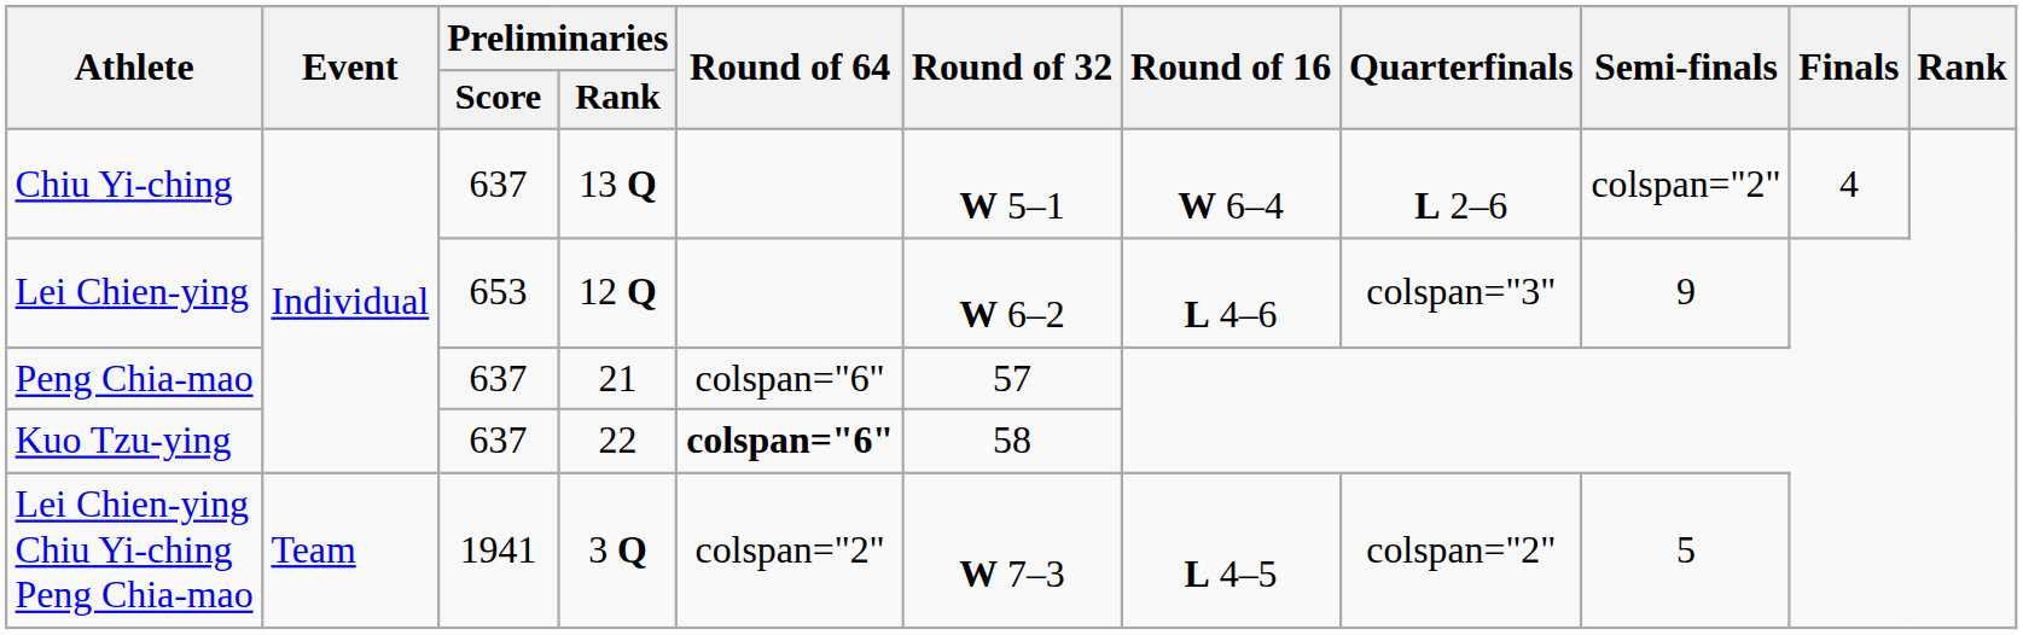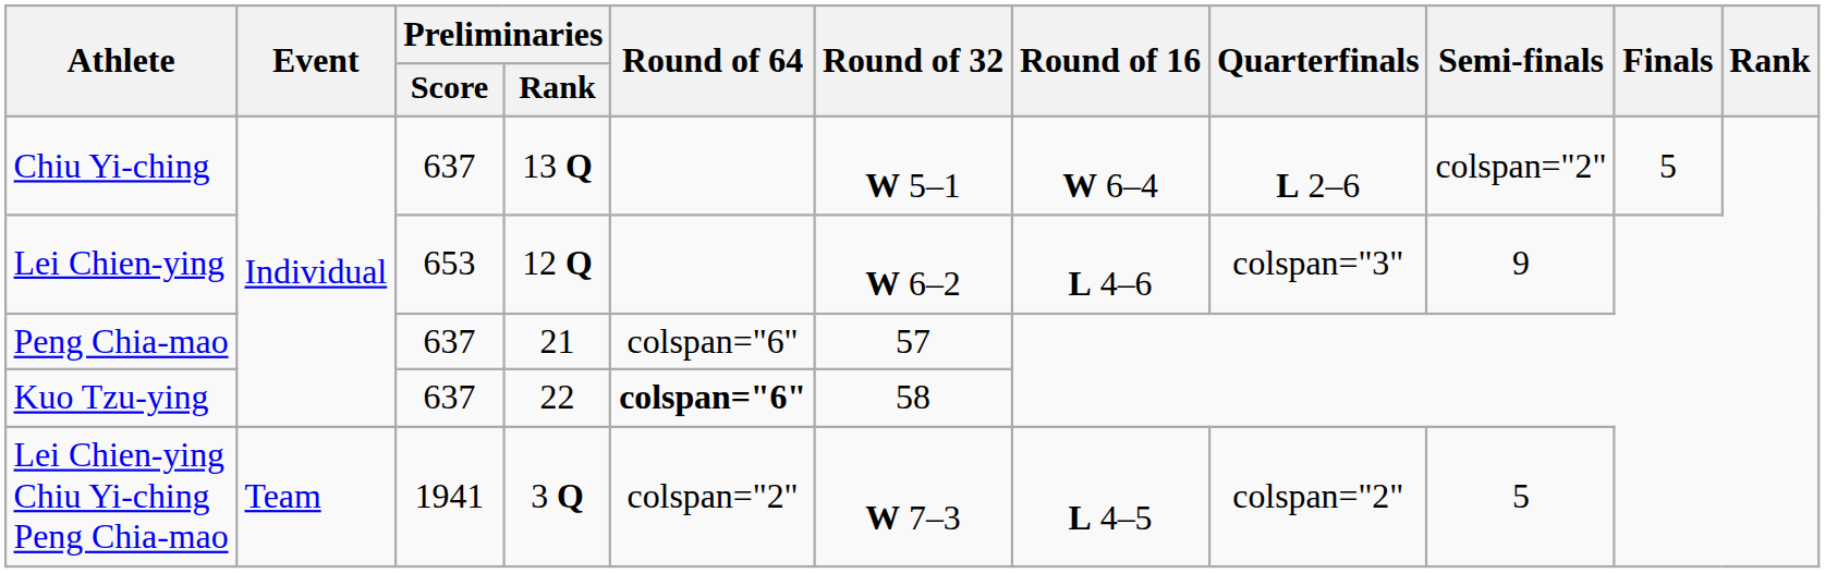 <table class="wikitable" style="font-size:90%; text-align:center">
 <tr>
 <th rowspan="2">Athlete</th>
 <th rowspan="2">Event</th>
 <th colspan="2">Preliminaries</th>
 <th rowspan="2">Round of 64</th>
 <th rowspan="2">Round of 32</th>
 <th rowspan="2">Round of 16</th>
 <th rowspan="2">Quarterfinals</th>
 <th rowspan="2">Semi-finals</th>
 <th rowspan="2">Finals</th>
 <th rowspan="2">Rank</th>
 </tr>
 <tr style="font-size:95%">
 <th>Score</th>
 <th>Rank</th>
 </tr>
 <tr>
 <td align="left"><a href='#'>Chiu Yi-ching</a></td>
 <td align="left" rowspan="4"><a href='#'>Individual</a></td>
 <td>637</td>
 <td>13 <strong>Q</strong></td>
 <td></td>
 <td><br><strong>W</strong> 5–1</td>
 <td><br><strong>W</strong> 6–4</td>
 <td><br><strong>L</strong> 2–6</td>
 <td>colspan="2" </td>
-<td>4</td>
+<td>5</td>
 </tr>
 <tr>
 <td align="left"><a href='#'>Lei Chien-ying</a></td>
 <td>653</td>
 <td>12 <strong>Q</strong></td>
 <td></td>
 <td><br><strong>W</strong> 6–2</td>
 <td><br><strong>L</strong> 4–6</td>
 <td>colspan="3" </td>
 <td>9</td>
 </tr>
 <tr>
 <td align="left"><a href='#'>Peng Chia-mao</a></td>
 <td>637</td>
 <td>21</td>
 <td>colspan="6" </td>
 <td>57</td>
 </tr>
 <tr>
 <td align="left"><a href='#'>Kuo Tzu-ying</a></td>
 <td>637</td>
 <td>22</td>
 <td><strong>colspan="6" </strong></td>
 <td>58</td>
 </tr>
 <tr>
 <td align="left"><a href='#'>Lei Chien-ying</a><br><a href='#'>Chiu Yi-ching</a><br><a href='#'>Peng Chia-mao</a></td>
 <td align="left"><a href='#'>Team</a></td>
 <td>1941</td>
 <td>3 <strong>Q</strong></td>
 <td>colspan="2" </td>
 <td><br><strong>W</strong> 7–3</td>
 <td><br><strong>L</strong> 4–5</td>
 <td>colspan="2" </td>
 <td>5</td>
 </tr>
 </table>
